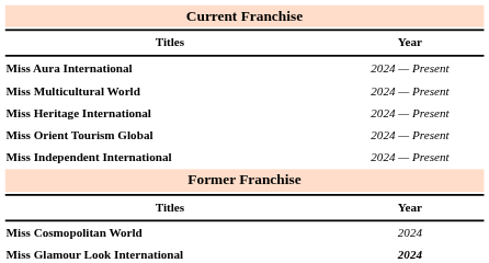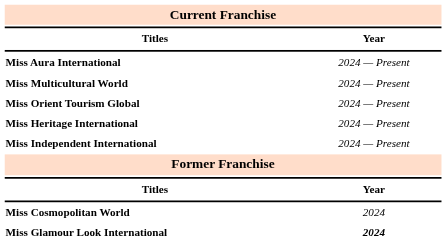 <table class="toccolours" style="width: 20em; font-size:80%; line-height:1.5em; width:40%;">
 <tr>
 <th colspan="2" align="center" style="background:#FFDDCA;"><big>Current Franchise</big></th>
 </tr>
 <tr>
 <td colspan="2" style="background:black"></td>
 </tr>
 <tr>
 <th scope="col">Titles</th>
 <th scope="col">Year</th>
 </tr>
 <tr>
 <td colspan="2" style="background:black"></td>
 </tr>
 <tr>
 <td align="left"><strong>Miss Aura International</strong></td>
 <td align="center"><em>2024 — Present</em></td>
 </tr>
 <tr>
 <td align="left"><strong>Miss Multicultural World</strong></td>
 <td align="center"><em>2024 — Present</em></td>
 </tr>
 <tr>
-<td align="left"><strong>Miss Heritage International</strong></td>
+<td align="left"><strong>Miss Orient Tourism Global</strong></td>
 <td align="center"><em>2024 — Present</em></td>
 </tr>
 <tr>
-<td align="left"><strong>Miss Orient Tourism Global</strong></td>
+<td align="left"><strong>Miss Heritage International</strong></td>
 <td align="center"><em>2024 — Present</em></td>
 </tr>
 <tr>
 <td align="left"><strong>Miss Independent International</strong></td>
 <td align="center"><em>2024 — Present</em></td>
 </tr>
 <tr>
 <th colspan="2" align="center" style="background:#FFDDCA;"><big>Former Franchise</big></th>
 </tr>
 <tr>
 <td colspan="2" style="background:black"></td>
 </tr>
 <tr>
 <th scope="col">Titles</th>
 <th scope="col">Year</th>
 </tr>
 <tr>
 <td colspan="2" style="background:black"></td>
 </tr>
 <tr>
 <td align="left"><strong>Miss Cosmopolitan World</strong></td>
 <td align="center"><em>2024</em></td>
 </tr>
 <tr>
 <td align="left"><strong>Miss Glamour Look International</strong></td>
 <td align="center"><strong><em>2024</em></strong></td>
 </tr>
 <tr>
 </tr>
 </table>
